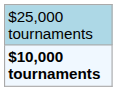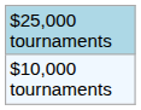 <table class="wikitable" style="font-size:85%; width:11%;">
 <tr style="background:lightblue;">
 <td>$25,000 tournaments</td>
 </tr>
 <tr style="background:#f0f8ff;">
-<td><strong>$10,000 tournaments</strong></td>
+<td>$10,000 tournaments</td>
 </tr>
 </table>
